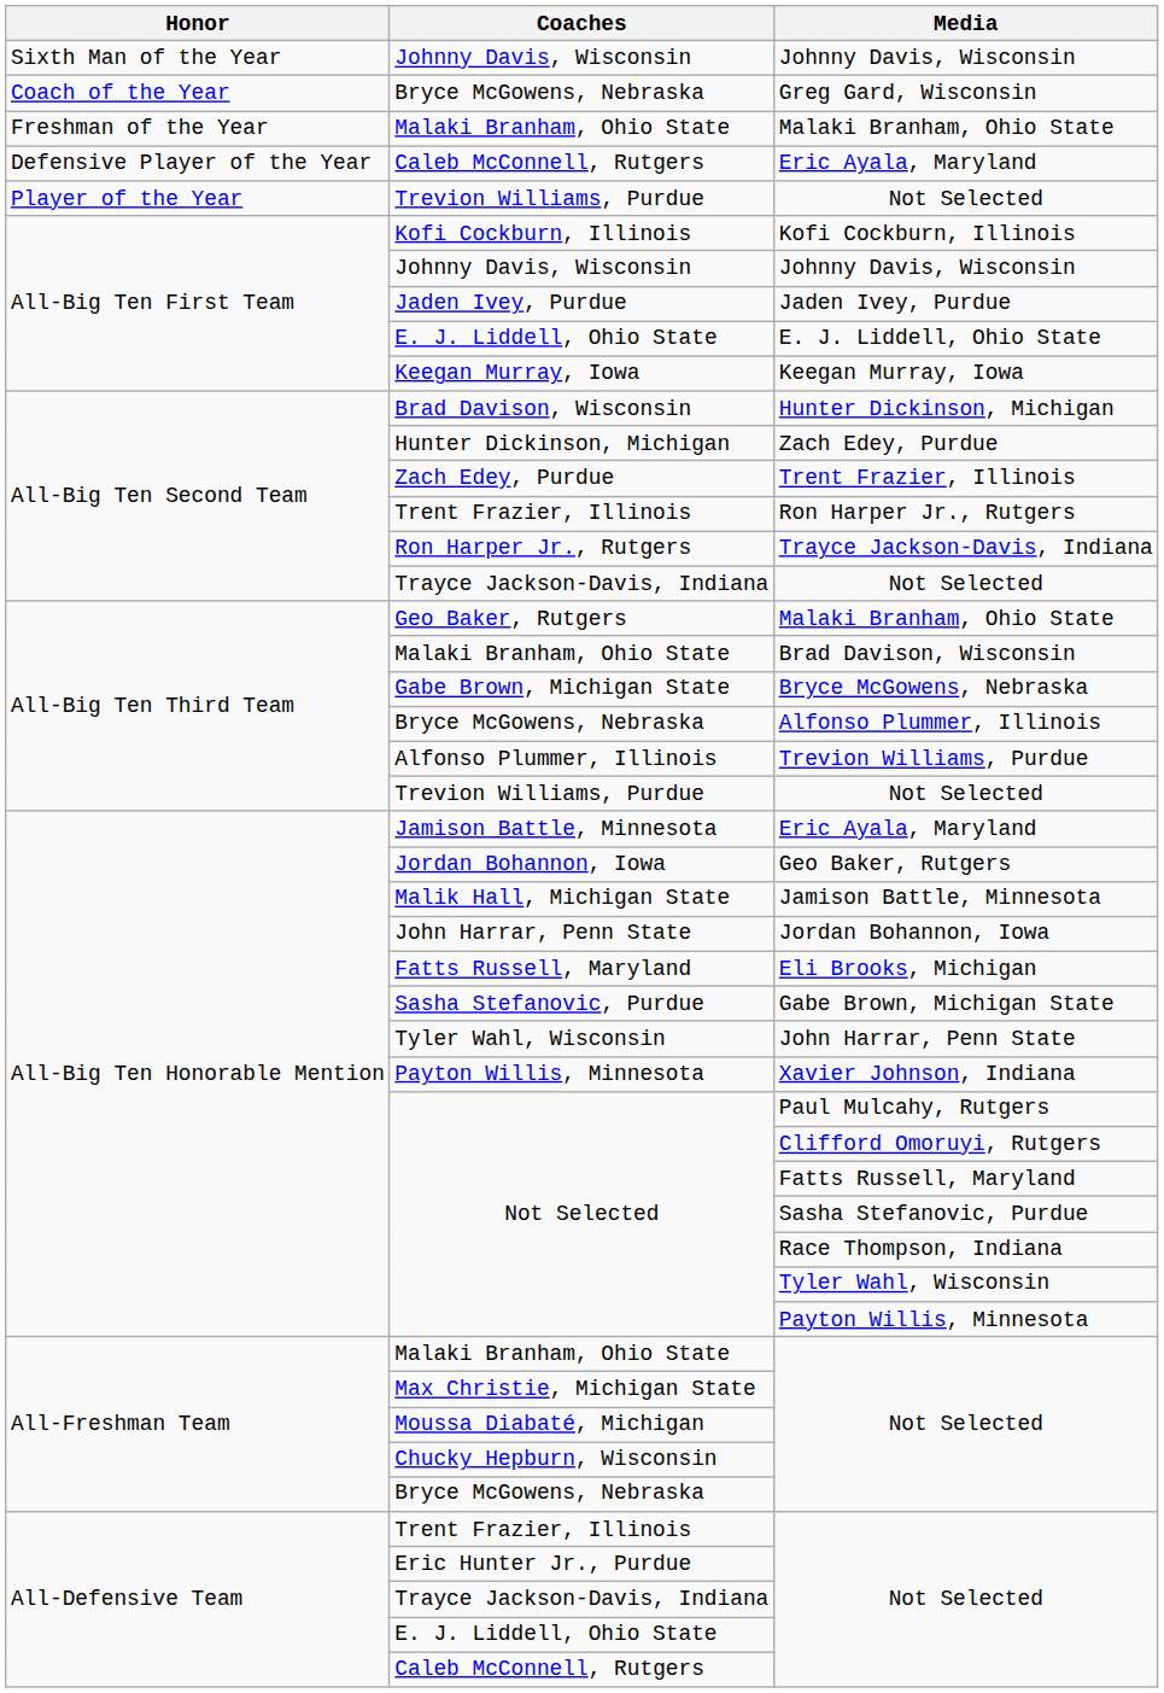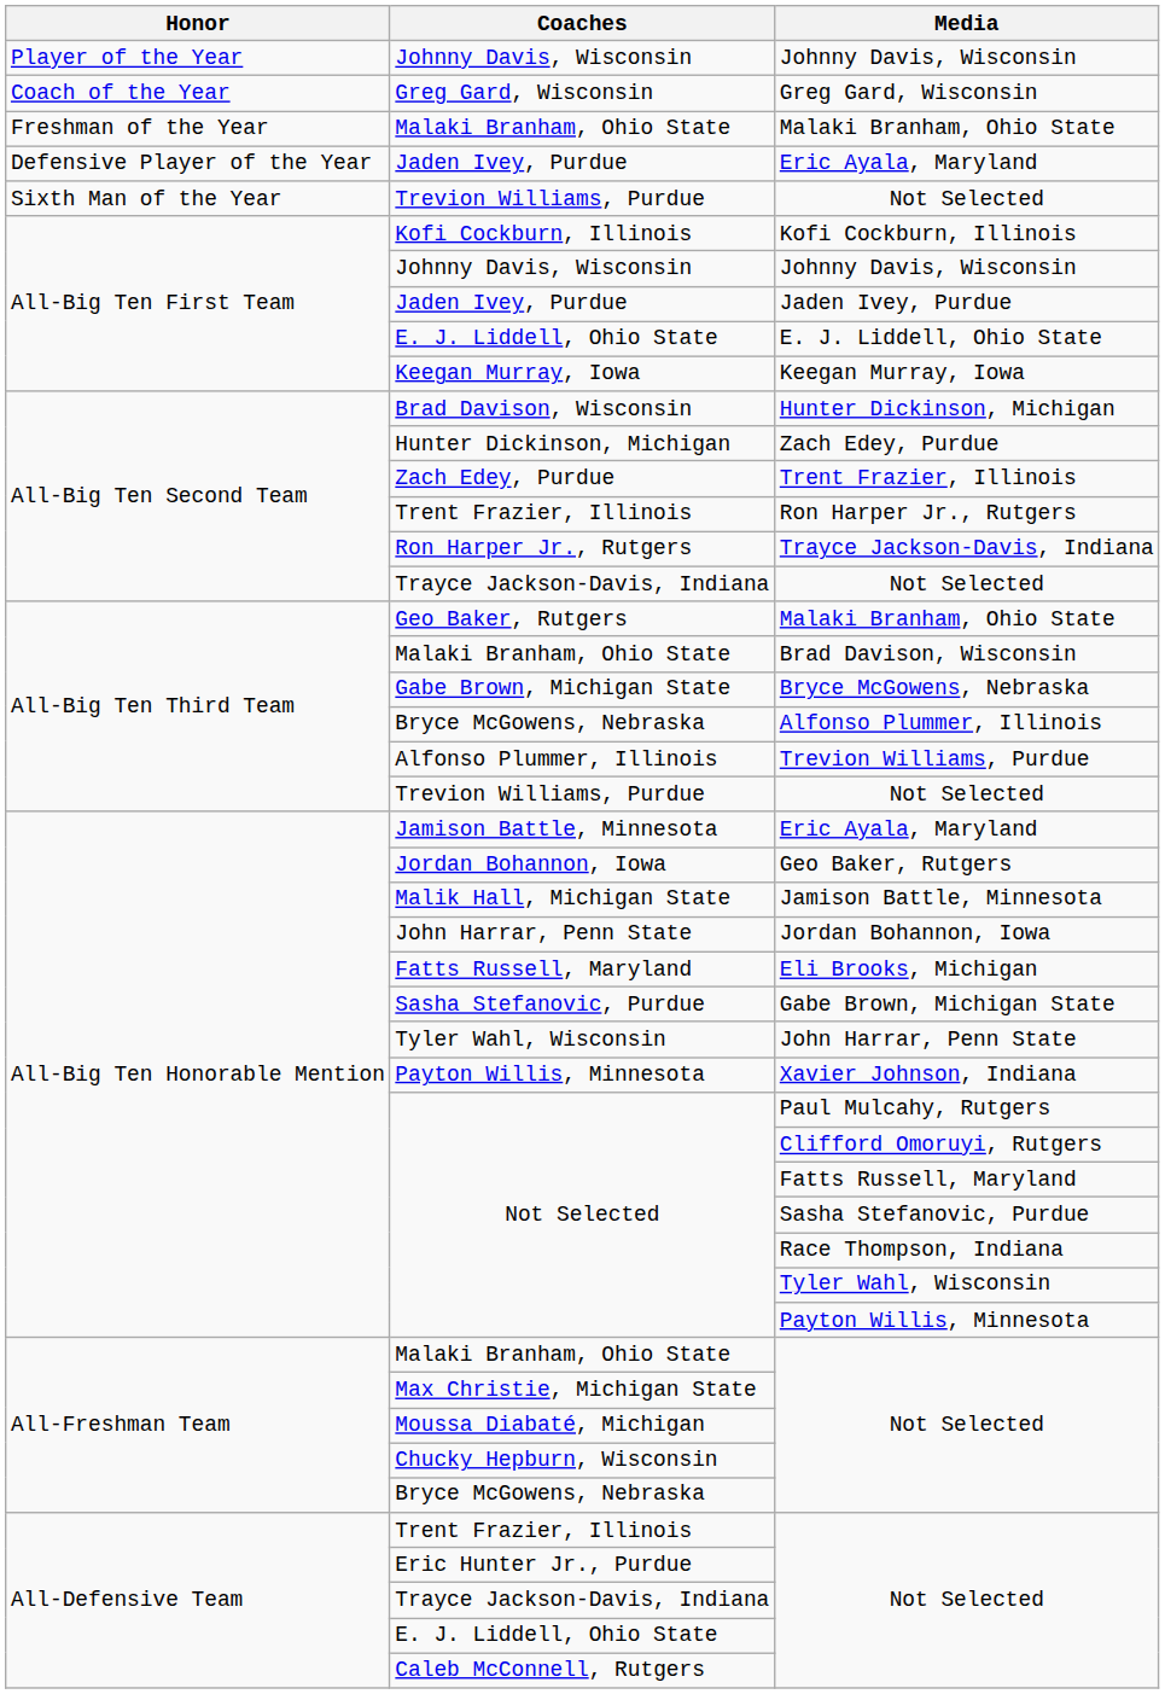 <table class="wikitable" border="1">
 <tr>
 <th>Honor</th>
 <th>Coaches</th>
 <th>Media</th>
 </tr>
 <tr>
-<td>Sixth Man of the Year</td>
+<td><a href='#'>Player of the Year</a></td>
 <td><a href='#'>Johnny Davis</a>, Wisconsin</td>
 <td>Johnny Davis, Wisconsin</td>
 </tr>
 <tr>
 <td><a href='#'>Coach of the Year</a></td>
-<td>Bryce McGowens, Nebraska</td>
+<td><a href='#'>Greg Gard</a>, Wisconsin</td>
 <td>Greg Gard, Wisconsin</td>
 </tr>
 <tr>
 <td>Freshman of the Year</td>
 <td><a href='#'>Malaki Branham</a>, Ohio State</td>
 <td>Malaki Branham, Ohio State</td>
 </tr>
 <tr>
 <td>Defensive Player of the Year</td>
-<td><a href='#'>Caleb McConnell</a>, Rutgers</td>
+<td><a href='#'>Jaden Ivey</a>, Purdue</td>
 <td><a href='#'>Eric Ayala</a>, Maryland</td>
 </tr>
 <tr>
-<td><a href='#'>Player of the Year</a></td>
+<td>Sixth Man of the Year</td>
 <td><a href='#'>Trevion Williams</a>, Purdue</td>
 <td align=center>Not Selected</td>
 </tr>
 <tr>
 <td rowspan=5 valign=middle>All-Big Ten First Team</td>
 <td><a href='#'>Kofi Cockburn</a>, Illinois</td>
 <td>Kofi Cockburn, Illinois</td>
 </tr>
 <tr>
 <td>Johnny Davis, Wisconsin</td>
 <td>Johnny Davis, Wisconsin</td>
 </tr>
 <tr>
 <td><a href='#'>Jaden Ivey</a>, Purdue</td>
 <td>Jaden Ivey, Purdue</td>
 </tr>
 <tr>
 <td><a href='#'>E. J. Liddell</a>, Ohio State</td>
 <td>E. J. Liddell, Ohio State</td>
 </tr>
 <tr>
 <td><a href='#'>Keegan Murray</a>, Iowa</td>
 <td>Keegan Murray, Iowa</td>
 </tr>
 <tr>
 <td rowspan=6 valign=middle>All-Big Ten Second Team</td>
 <td><a href='#'>Brad Davison</a>, Wisconsin</td>
 <td><a href='#'>Hunter Dickinson</a>, Michigan</td>
 </tr>
 <tr>
 <td>Hunter Dickinson, Michigan</td>
 <td>Zach Edey, Purdue</td>
 </tr>
 <tr>
 <td><a href='#'>Zach Edey</a>, Purdue</td>
 <td><a href='#'>Trent Frazier</a>, Illinois</td>
 </tr>
 <tr>
 <td>Trent Frazier, Illinois</td>
 <td>Ron Harper Jr., Rutgers</td>
 </tr>
 <tr>
 <td><a href='#'>Ron Harper Jr.</a>, Rutgers</td>
 <td><a href='#'>Trayce Jackson-Davis</a>, Indiana</td>
 </tr>
 <tr>
 <td>Trayce Jackson-Davis, Indiana</td>
 <td align=center>Not Selected</td>
 </tr>
 <tr>
 <td rowspan=6 valign=middle>All-Big Ten Third Team</td>
 <td><a href='#'>Geo Baker</a>, Rutgers</td>
 <td><a href='#'>Malaki Branham</a>, Ohio State</td>
 </tr>
 <tr>
 <td>Malaki Branham, Ohio State</td>
 <td>Brad Davison, Wisconsin</td>
 </tr>
 <tr>
 <td><a href='#'>Gabe Brown</a>, Michigan State</td>
 <td><a href='#'>Bryce McGowens</a>, Nebraska</td>
 </tr>
 <tr>
 <td>Bryce McGowens, Nebraska</td>
 <td><a href='#'>Alfonso Plummer</a>, Illinois</td>
 </tr>
 <tr>
 <td>Alfonso Plummer, Illinois</td>
 <td><a href='#'>Trevion Williams</a>, Purdue</td>
 </tr>
 <tr>
 <td>Trevion Williams, Purdue</td>
 <td align=center>Not Selected</td>
 </tr>
 <tr>
 <td rowspan=15 valign=middle>All-Big Ten Honorable Mention</td>
 <td><a href='#'>Jamison Battle</a>, Minnesota</td>
 <td><a href='#'>Eric Ayala</a>, Maryland</td>
 </tr>
 <tr>
 <td><a href='#'>Jordan Bohannon</a>, Iowa</td>
 <td>Geo Baker, Rutgers</td>
 </tr>
 <tr>
 <td><a href='#'>Malik Hall</a>, Michigan State</td>
 <td>Jamison Battle, Minnesota</td>
 </tr>
 <tr>
 <td>John Harrar, Penn State</td>
 <td>Jordan Bohannon, Iowa</td>
 </tr>
 <tr>
 <td><a href='#'>Fatts Russell</a>, Maryland</td>
 <td><a href='#'>Eli Brooks</a>, Michigan</td>
 </tr>
 <tr>
 <td><a href='#'>Sasha Stefanovic</a>, Purdue</td>
 <td>Gabe Brown, Michigan State</td>
 </tr>
 <tr>
 <td>Tyler Wahl, Wisconsin</td>
 <td>John Harrar, Penn State</td>
 </tr>
 <tr>
 <td><a href='#'>Payton Willis</a>, Minnesota</td>
 <td><a href='#'>Xavier Johnson</a>, Indiana</td>
 </tr>
 <tr>
 <td rowspan=7 align=center>Not Selected</td>
 <td>Paul Mulcahy, Rutgers</td>
 </tr>
 <tr>
 <td><a href='#'>Clifford Omoruyi</a>, Rutgers</td>
 </tr>
 <tr>
 <td>Fatts Russell, Maryland</td>
 </tr>
 <tr>
 <td>Sasha Stefanovic, Purdue</td>
 </tr>
 <tr>
 <td>Race Thompson, Indiana</td>
 </tr>
 <tr>
 <td><a href='#'>Tyler Wahl</a>, Wisconsin</td>
 </tr>
 <tr>
 <td><a href='#'>Payton Willis</a>, Minnesota</td>
 </tr>
 <tr>
 <td rowspan=5 valign=middle>All-Freshman Team</td>
 <td>Malaki Branham, Ohio State</td>
 <td rowspan=5 colspan=1 align=center>Not Selected</td>
 </tr>
 <tr>
 <td><a href='#'>Max Christie</a>, Michigan State</td>
 </tr>
 <tr>
 <td><a href='#'>Moussa Diabaté</a>, Michigan</td>
 </tr>
 <tr>
 <td><a href='#'>Chucky Hepburn</a>, Wisconsin</td>
 </tr>
 <tr>
 <td>Bryce McGowens, Nebraska</td>
 </tr>
 <tr>
 <td rowspan=5 valign=middle>All-Defensive Team</td>
 <td>Trent Frazier, Illinois</td>
 <td rowspan=5 colspan=1 align=center>Not Selected</td>
 </tr>
 <tr>
 <td>Eric Hunter Jr., Purdue</td>
 </tr>
 <tr>
 <td>Trayce Jackson-Davis, Indiana</td>
 </tr>
 <tr>
 <td>E. J. Liddell, Ohio State</td>
 </tr>
 <tr>
 <td><a href='#'>Caleb McConnell</a>, Rutgers</td>
 </tr>
 </table>
